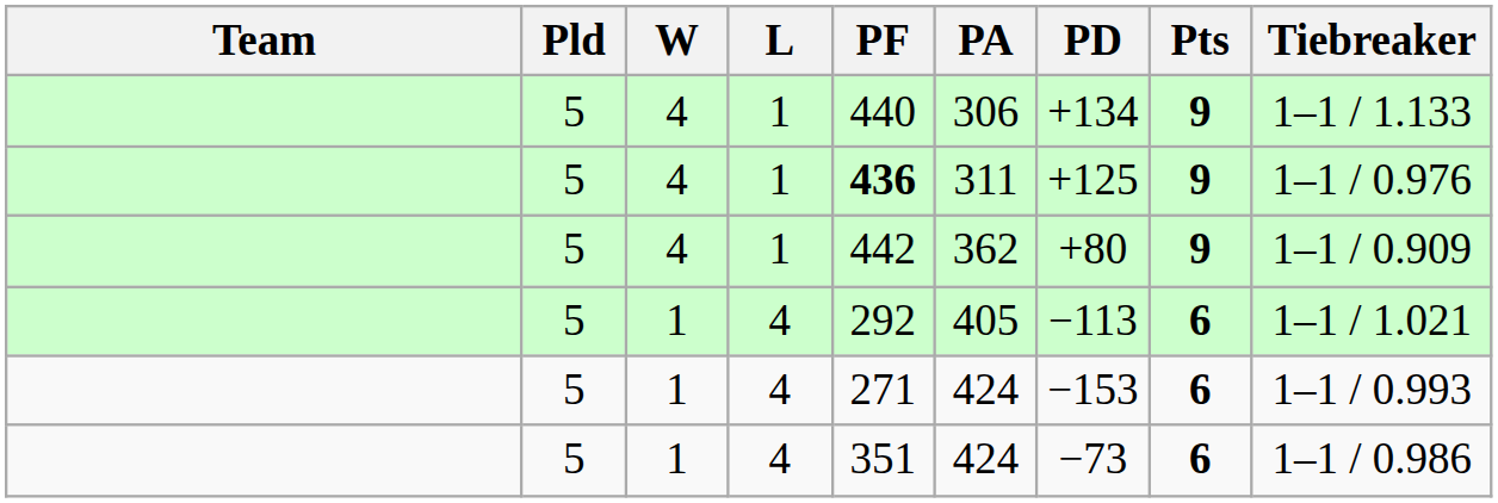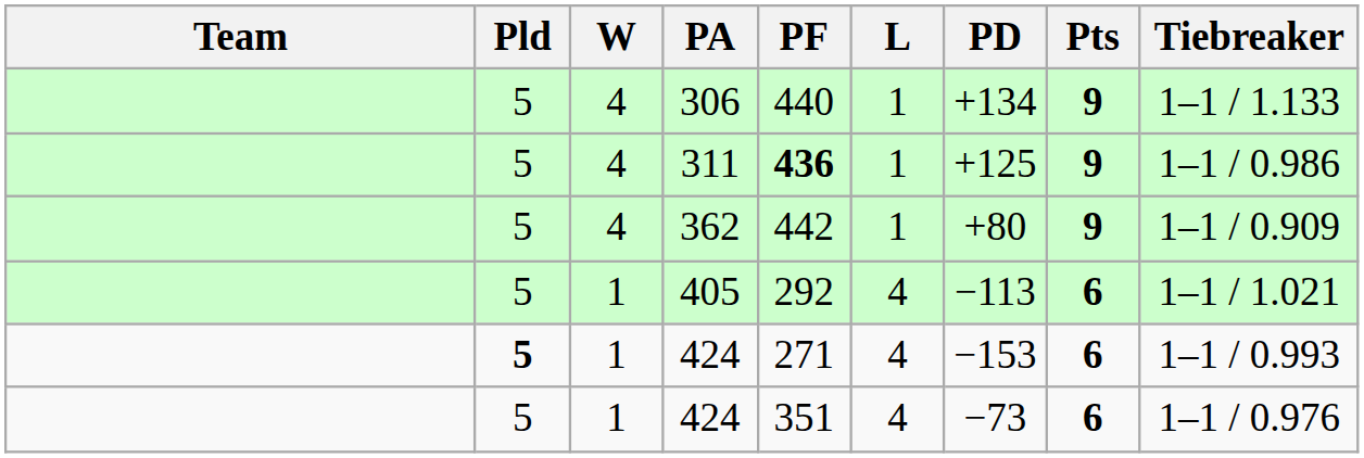 <table class=wikitable style="text-align:center">
 <tr>
 <th width=180>Team</th>
 <th width=30>Pld</th>
 <th width=30>W</th>
+<th width=30>PA</th>
+<th width=30>PF</th>
 <th width=30>L</th>
-<th width=30>PF</th>
-<th width=30>PA</th>
 <th width=30>PD</th>
 <th width=30>Pts</th>
 <th width=80>Tiebreaker</th>
 </tr>
 <tr align=center bgcolor="#ccffcc">
 <td align=left></td>
 <td>5</td>
 <td>4</td>
+<td>306</td>
+<td>440</td>
 <td>1</td>
-<td>440</td>
-<td>306</td>
 <td>+134</td>
 <td><strong>9</strong></td>
 <td>1–1 / 1.133</td>
 </tr>
 <tr align=center bgcolor="#ccffcc">
 <td align=left></td>
 <td>5</td>
 <td>4</td>
+<td>311</td>
+<td><strong>436</strong></td>
 <td>1</td>
-<td><strong>436</strong></td>
-<td>311</td>
 <td>+125</td>
 <td><strong>9</strong></td>
-<td>1–1 / 0.976</td>
+<td>1–1 / 0.986</td>
 </tr>
 <tr align=center bgcolor="#ccffcc">
 <td align=left></td>
 <td>5</td>
 <td>4</td>
+<td>362</td>
+<td>442</td>
 <td>1</td>
-<td>442</td>
-<td>362</td>
 <td>+80</td>
 <td><strong>9</strong></td>
 <td>1–1 / 0.909</td>
 </tr>
 <tr align=center bgcolor="#ccffcc">
 <td align=left></td>
 <td>5</td>
 <td>1</td>
+<td>405</td>
+<td>292</td>
 <td>4</td>
-<td>292</td>
-<td>405</td>
 <td>−113</td>
 <td><strong>6</strong></td>
 <td>1–1 / 1.021</td>
 </tr>
 <tr align=center>
 <td align=left></td>
-<td>5</td>
+<td><strong>5</strong></td>
 <td>1</td>
+<td>424</td>
+<td>271</td>
 <td>4</td>
-<td>271</td>
-<td>424</td>
 <td>−153</td>
 <td><strong>6</strong></td>
 <td>1–1 / 0.993</td>
 </tr>
 <tr align=center>
 <td align=left></td>
 <td>5</td>
 <td>1</td>
+<td>424</td>
+<td>351</td>
 <td>4</td>
-<td>351</td>
-<td>424</td>
 <td>−73</td>
 <td><strong>6</strong></td>
-<td>1–1 / 0.986</td>
+<td>1–1 / 0.976</td>
 </tr>
 </table>
